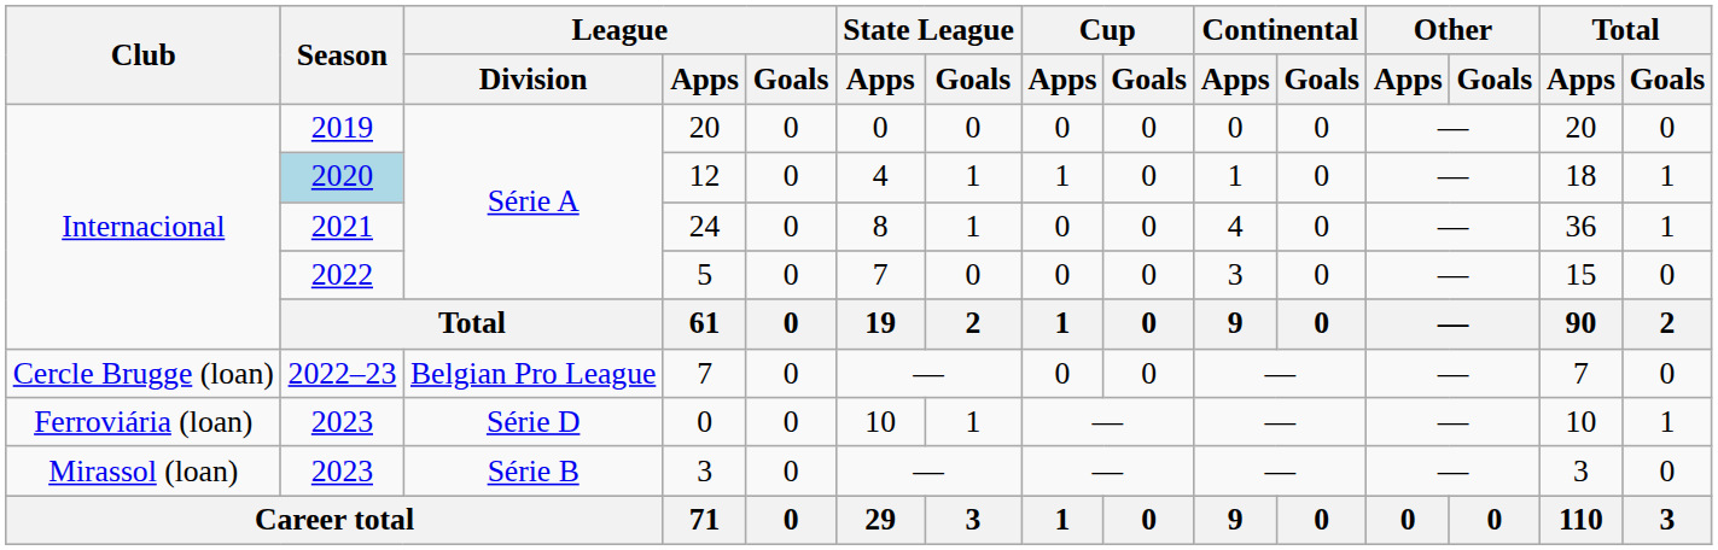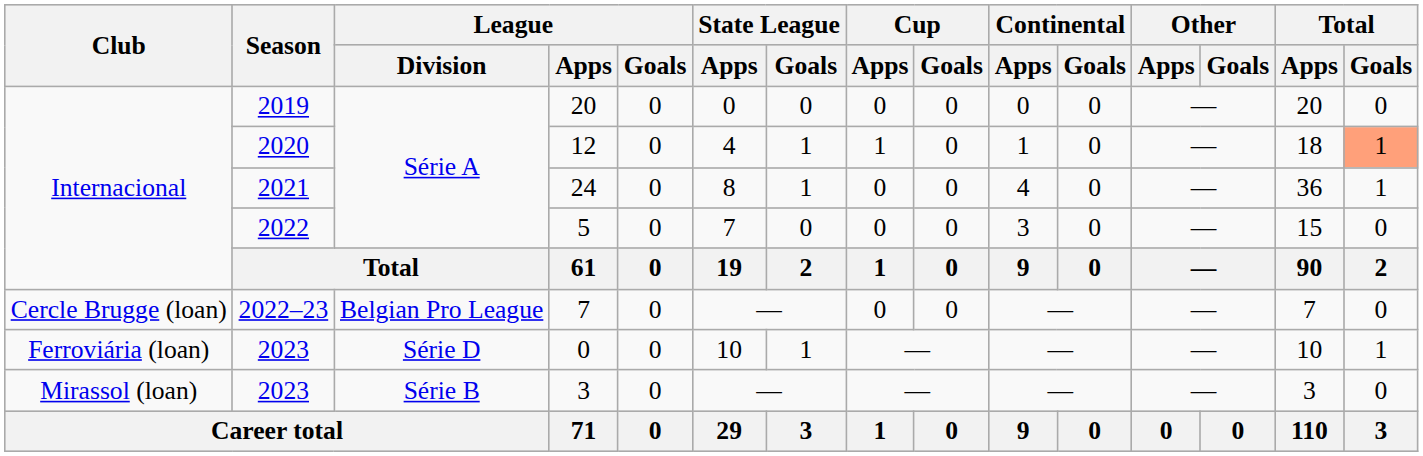 <table class="wikitable" style="text-align: center;">
 <tr>
 <th rowspan="2">Club</th>
 <th rowspan="2">Season</th>
 <th colspan="3">League</th>
 <th colspan="2">State League</th>
 <th colspan="2">Cup</th>
 <th colspan="2">Continental</th>
 <th colspan="2">Other</th>
 <th colspan="2">Total</th>
 </tr>
 <tr>
 <th>Division</th>
 <th>Apps</th>
 <th>Goals</th>
 <th>Apps</th>
 <th>Goals</th>
 <th>Apps</th>
 <th>Goals</th>
 <th>Apps</th>
 <th>Goals</th>
 <th>Apps</th>
 <th>Goals</th>
 <th>Apps</th>
 <th>Goals</th>
 </tr>
 <tr>
 <td rowspan="5" valign="center"><a href='#'>Internacional</a></td>
 <td><a href='#'>2019</a></td>
 <td rowspan="4"><a href='#'>Série A</a></td>
 <td>20</td>
 <td>0</td>
 <td>0</td>
 <td>0</td>
 <td>0</td>
 <td>0</td>
 <td>0</td>
 <td>0</td>
 <td colspan="2">—</td>
 <td>20</td>
 <td>0</td>
 </tr>
 <tr>
-<td style="background: lightblue;"><a href='#'>2020</a></td>
+<td><a href='#'>2020</a></td>
 <td>12</td>
 <td>0</td>
 <td>4</td>
 <td>1</td>
 <td>1</td>
 <td>0</td>
 <td>1</td>
 <td>0</td>
 <td colspan="2">—</td>
 <td>18</td>
-<td>1</td>
+<td style="background: lightsalmon;">1</td>
 </tr>
 <tr>
 <td><a href='#'>2021</a></td>
 <td>24</td>
 <td>0</td>
 <td>8</td>
 <td>1</td>
 <td>0</td>
 <td>0</td>
 <td>4</td>
 <td>0</td>
 <td colspan="2">—</td>
 <td>36</td>
 <td>1</td>
 </tr>
 <tr>
 <td><a href='#'>2022</a></td>
 <td>5</td>
 <td>0</td>
 <td>7</td>
 <td>0</td>
 <td>0</td>
 <td>0</td>
 <td>3</td>
 <td>0</td>
 <td colspan="2">—</td>
 <td>15</td>
 <td>0</td>
 </tr>
 <tr>
 <th colspan="2">Total</th>
 <th>61</th>
 <th>0</th>
 <th>19</th>
 <th>2</th>
 <th>1</th>
 <th>0</th>
 <th>9</th>
 <th>0</th>
 <th colspan="2">—</th>
 <th>90</th>
 <th>2</th>
 </tr>
 <tr>
 <td><a href='#'>Cercle Brugge</a> (loan)</td>
 <td><a href='#'>2022–23</a></td>
 <td><a href='#'>Belgian Pro League</a></td>
 <td>7</td>
 <td>0</td>
 <td colspan="2">—</td>
 <td>0</td>
 <td>0</td>
 <td colspan="2">—</td>
 <td colspan="2">—</td>
 <td>7</td>
 <td>0</td>
 </tr>
 <tr>
 <td><a href='#'>Ferroviária</a> (loan)</td>
 <td><a href='#'>2023</a></td>
 <td><a href='#'>Série D</a></td>
 <td>0</td>
 <td>0</td>
 <td>10</td>
 <td>1</td>
 <td colspan="2">—</td>
 <td colspan="2">—</td>
 <td colspan="2">—</td>
 <td>10</td>
 <td>1</td>
 </tr>
 <tr>
 <td><a href='#'>Mirassol</a> (loan)</td>
 <td><a href='#'>2023</a></td>
 <td><a href='#'>Série B</a></td>
 <td>3</td>
 <td>0</td>
 <td colspan="2">—</td>
 <td colspan="2">—</td>
 <td colspan="2">—</td>
 <td colspan="2">—</td>
 <td>3</td>
 <td>0</td>
 </tr>
 <tr>
 <th colspan="3"><strong>Career total</strong></th>
 <th>71</th>
 <th>0</th>
 <th>29</th>
 <th>3</th>
 <th>1</th>
 <th>0</th>
 <th>9</th>
 <th>0</th>
 <th>0</th>
 <th>0</th>
 <th>110</th>
 <th>3</th>
 </tr>
 </table>
